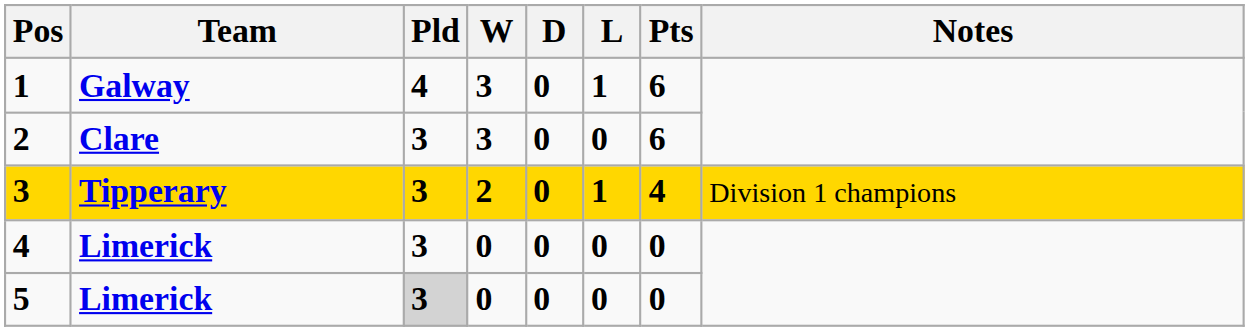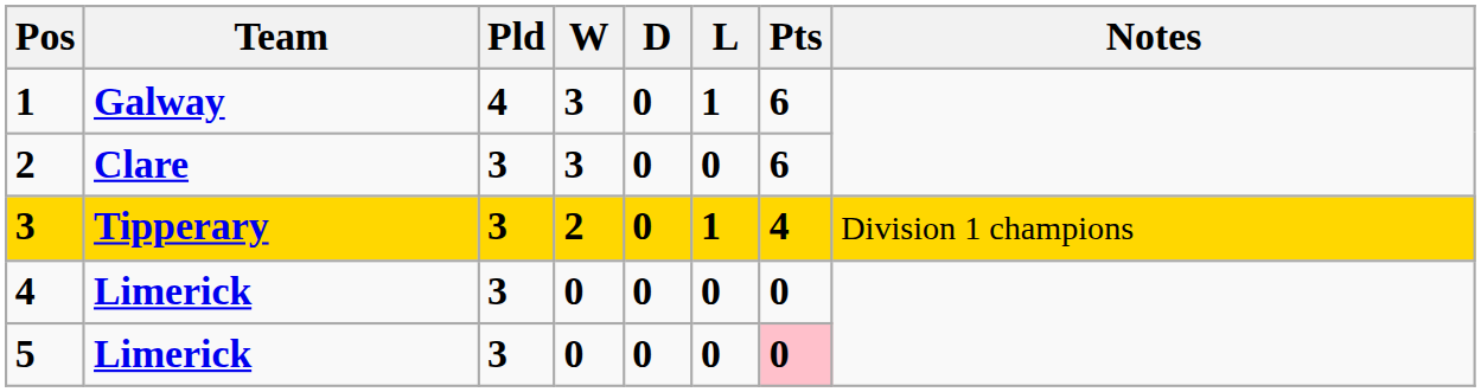 <table class="wikitable" style="text-align: centre;">
 <tr>
 <th width=20>Pos</th>
 <th width=150>Team</th>
 <th width=20>Pld</th>
 <th width=20>W</th>
 <th width=20>D</th>
 <th width=20>L</th>
 <th width=20>Pts</th>
 <th width=250>Notes</th>
 </tr>
 <tr>
 <td><strong>1</strong></td>
 <td align=left><strong> <a href='#'>Galway</a> </strong></td>
 <td><strong>4</strong></td>
 <td><strong>3</strong></td>
 <td><strong>0</strong></td>
 <td><strong>1</strong></td>
 <td><strong>6</strong></td>
 </tr>
 <tr>
 <td><strong>2</strong></td>
 <td align=left><strong> <a href='#'>Clare</a> </strong></td>
 <td><strong>3</strong></td>
 <td><strong>3</strong></td>
 <td><strong>0</strong></td>
 <td><strong>0</strong></td>
 <td><strong>6</strong></td>
 </tr>
 <tr style="background:gold;">
 <td><strong>3</strong></td>
 <td align=left><strong> <a href='#'>Tipperary</a> </strong></td>
 <td><strong>3</strong></td>
 <td><strong>2</strong></td>
 <td><strong>0</strong></td>
 <td><strong>1</strong></td>
 <td><strong>4</strong></td>
 <td><small> Division 1 champions</small></td>
 </tr>
 <tr>
 <td><strong>4</strong></td>
 <td align=left><strong> <a href='#'>Limerick</a> </strong></td>
 <td><strong>3</strong></td>
 <td><strong>0</strong></td>
 <td><strong>0</strong></td>
 <td><strong>0</strong></td>
 <td><strong>0</strong></td>
 </tr>
 <tr>
 <td><strong>5</strong></td>
 <td align=left><strong> <a href='#'>Limerick</a> </strong></td>
-<td style="background: lightgrey;"><strong>3</strong></td>
+<td><strong>3</strong></td>
 <td><strong>0</strong></td>
 <td><strong>0</strong></td>
 <td><strong>0</strong></td>
-<td><strong>0</strong></td>
+<td style="background: pink;"><strong>0</strong></td>
 </tr>
 </table>
